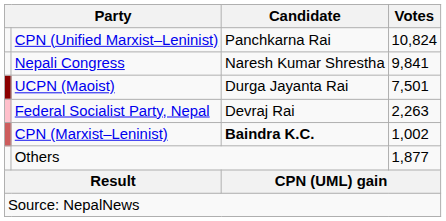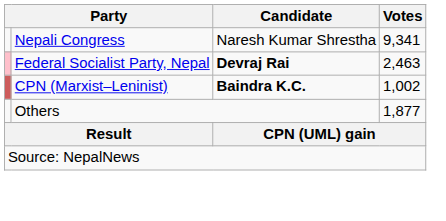 <table class="wikitable">
 <tr>
 <th colspan="2">Party</th>
 <th>Candidate</th>
 <th>Votes</th>
 </tr>
 <tr>
 <td style="background-color:"></td>
-<td><a href='#'>CPN (Unified Marxist–Leninist)</a></td>
-<td>Panchkarna Rai</td>
-<td>10,824</td>
-</tr>
-<tr>
-<td style="background-color:"></td>
 <td><a href='#'>Nepali Congress</a></td>
 <td>Naresh Kumar Shrestha</td>
-<td>9,841</td>
-</tr>
-<tr>
-<td style="background-color:darkred"></td>
-<td><a href='#'>UCPN (Maoist)</a></td>
-<td>Durga Jayanta Rai</td>
-<td>7,501</td>
+<td>9,341</td>
 </tr>
 <tr>
 <td style="background-color:#ffc0cb"></td>
 <td><a href='#'>Federal Socialist Party, Nepal</a></td>
-<td>Devraj Rai</td>
-<td>2,263</td>
+<td><strong>Devraj Rai</strong></td>
+<td>2,463</td>
 </tr>
 <tr>
 <td style="background-color:indianred"></td>
 <td><a href='#'>CPN (Marxist–Leninist)</a></td>
 <td><strong>Baindra K.C.</strong></td>
 <td>1,002</td>
 </tr>
 <tr>
 <td></td>
 <td colspan="2">Others</td>
 <td>1,877</td>
 </tr>
 <tr>
 <th colspan="2">Result</th>
 <th colspan="2">CPN (UML) gain</th>
 </tr>
 <tr>
 <td colspan="4">Source: NepalNews</td>
 </tr>
 </table>
